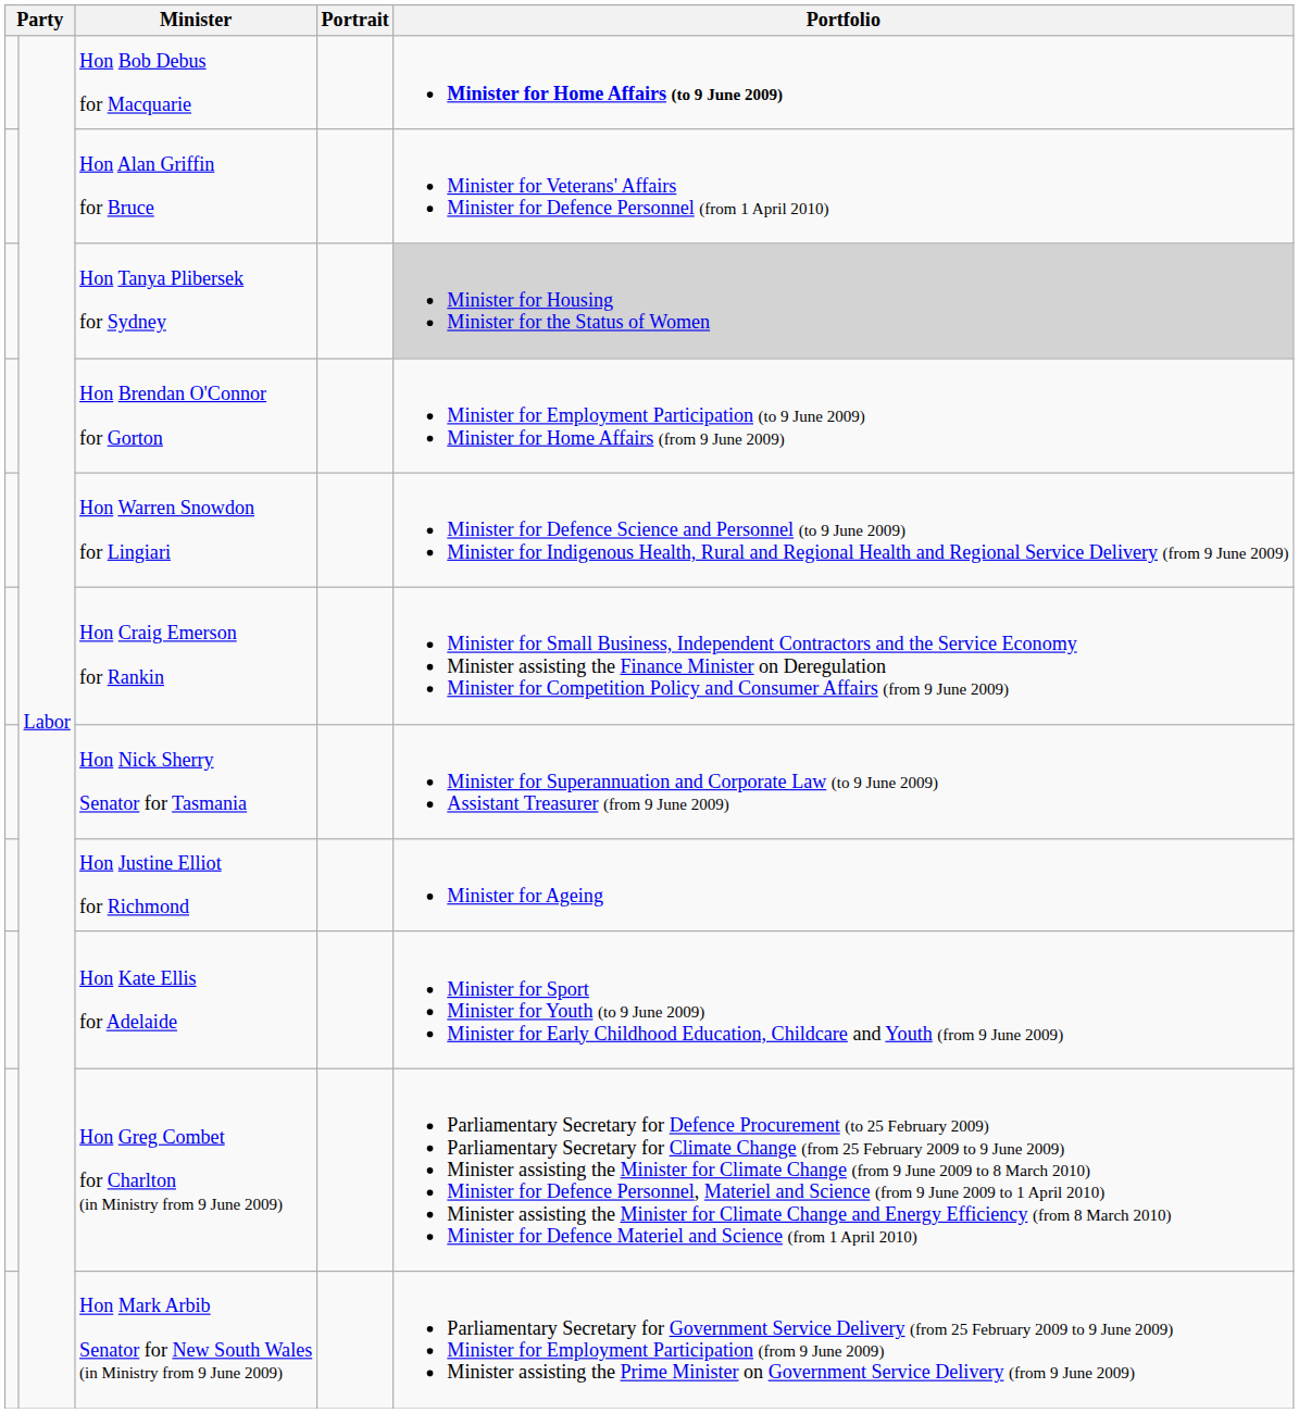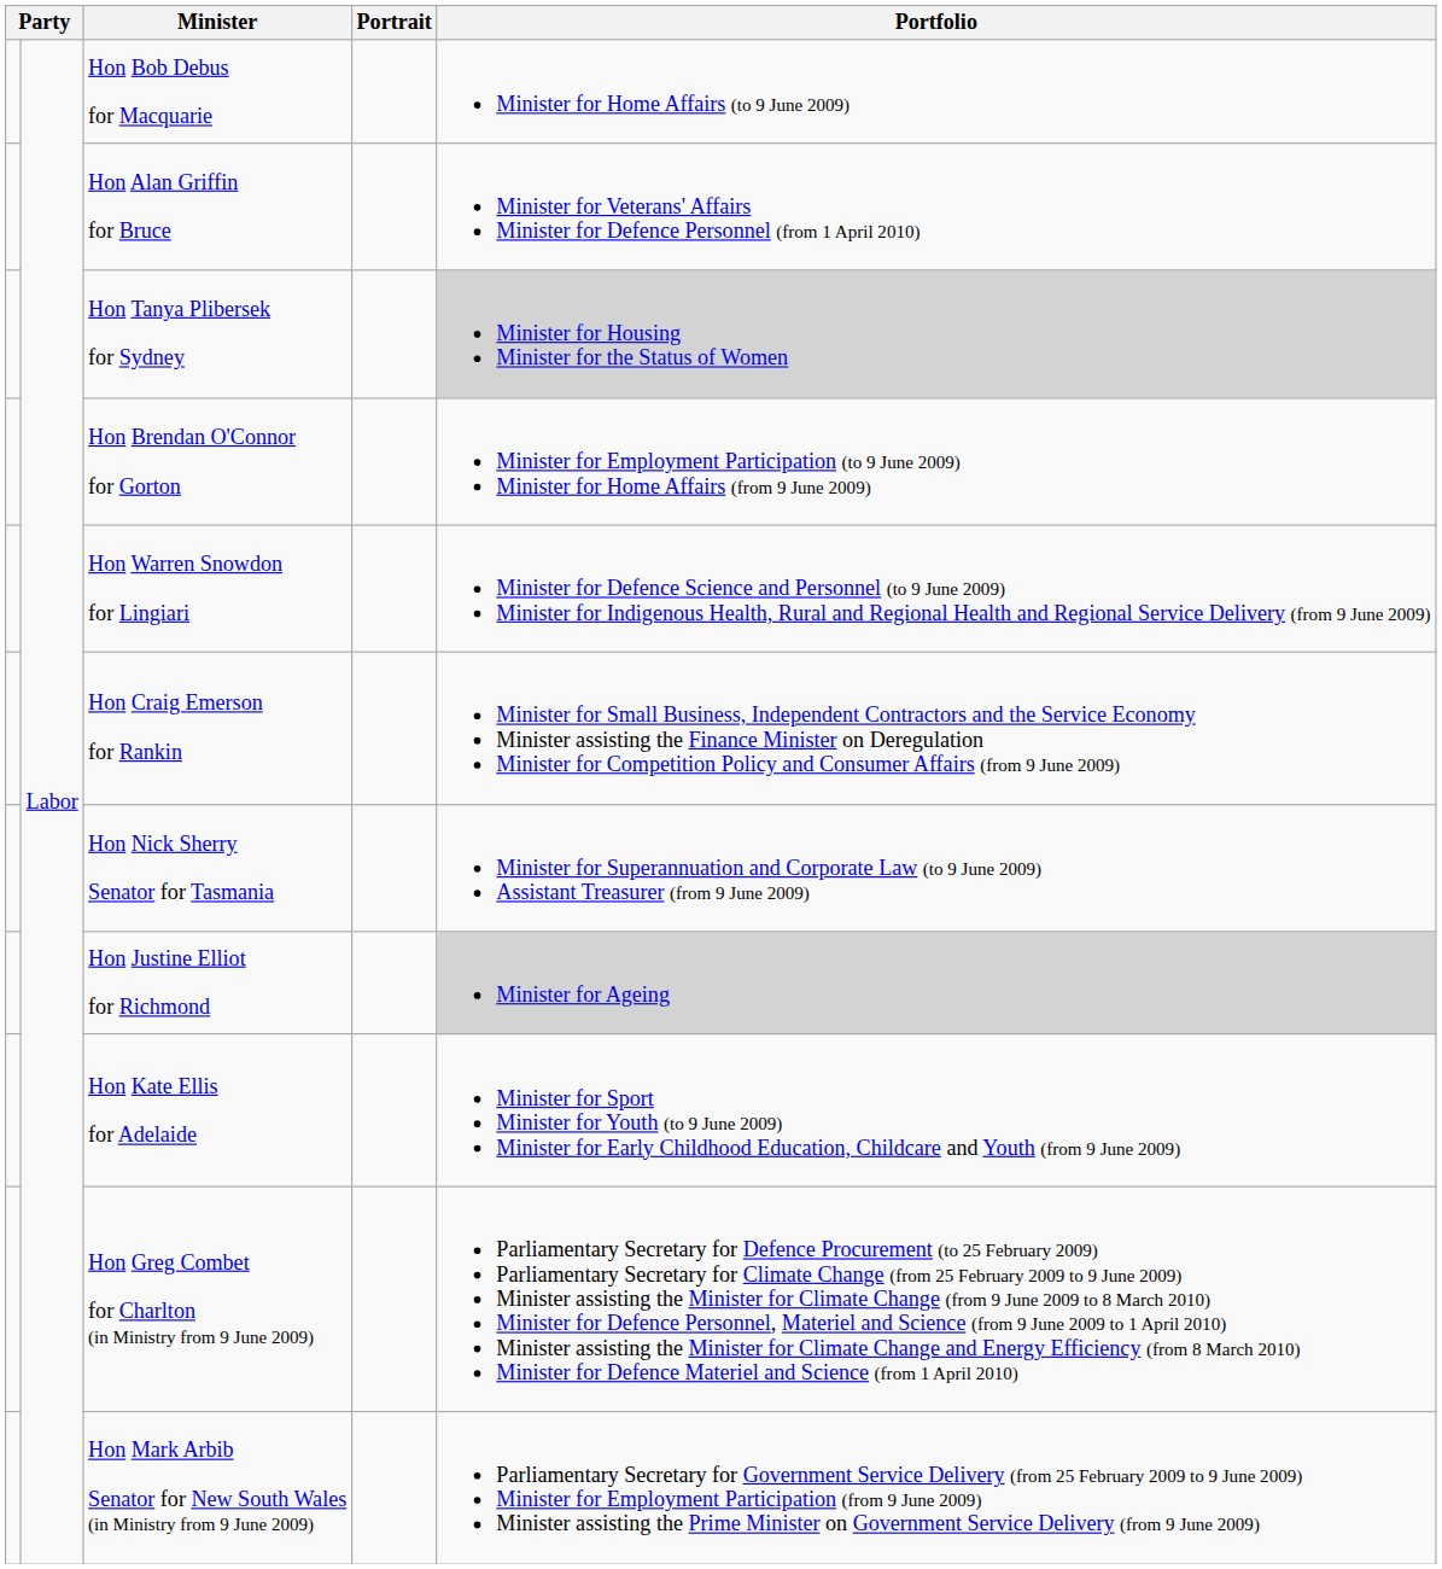 <table class="wikitable sortable">
 <tr>
 <th colspan="2">Party</th>
 <th>Minister</th>
 <th>Portrait</th>
 <th>Portfolio</th>
 </tr>
 <tr>
 <td> </td>
 <td rowspan=11><a href='#'>Labor</a></td>
 <td><a href='#'>Hon</a> <a href='#'>Bob Debus</a> <br><br> for <a href='#'>Macquarie</a> <br></td>
 <td></td>
-<td><strong><br><ul><li><a href='#'>Minister for Home Affairs</a> <small>(to 9 June 2009)</small></li></ul></strong></td>
+<td><br><ul><li><a href='#'>Minister for Home Affairs</a> <small>(to 9 June 2009)</small></li></ul></td>
 </tr>
 <tr>
 <td> </td>
 <td><a href='#'>Hon</a> <a href='#'>Alan Griffin</a> <br><br> for <a href='#'>Bruce</a> <br></td>
 <td></td>
 <td><br><ul><li><a href='#'>Minister for Veterans' Affairs</a></li><li><a href='#'>Minister for Defence Personnel</a> <small>(from 1 April 2010)</small></li></ul></td>
 </tr>
 <tr>
 <td> </td>
 <td><a href='#'>Hon</a> <a href='#'>Tanya Plibersek</a> <br><br> for <a href='#'>Sydney</a> <br></td>
 <td></td>
 <td style="background: lightgrey;"><br><ul><li><a href='#'>Minister for Housing</a></li><li><a href='#'>Minister for the Status of Women</a></li></ul></td>
 </tr>
 <tr>
 <td> </td>
 <td><a href='#'>Hon</a> <a href='#'>Brendan O'Connor</a> <br><br> for <a href='#'>Gorton</a> <br></td>
 <td></td>
 <td><br><ul><li><a href='#'>Minister for Employment Participation</a> <small>(to 9 June 2009)</small></li><li><a href='#'>Minister for Home Affairs</a> <small>(from 9 June 2009)</small></li></ul></td>
 </tr>
 <tr>
 <td> </td>
 <td><a href='#'>Hon</a> <a href='#'>Warren Snowdon</a> <br><br> for <a href='#'>Lingiari</a> <br></td>
 <td></td>
 <td><br><ul><li><a href='#'>Minister for Defence Science and Personnel</a> <small>(to 9 June 2009)</small></li><li><a href='#'>Minister for Indigenous Health, Rural and Regional Health and Regional Service Delivery</a> <small>(from 9 June 2009)</small></li></ul></td>
 </tr>
 <tr>
 <td> </td>
 <td><a href='#'>Hon</a> <a href='#'>Craig Emerson</a> <br><br> for <a href='#'>Rankin</a> <br></td>
 <td></td>
 <td><br><ul><li><a href='#'>Minister for Small Business, Independent Contractors and the Service Economy</a></li><li>Minister assisting the <a href='#'>Finance Minister</a> on Deregulation</li><li><a href='#'>Minister for Competition Policy and Consumer Affairs</a> <small>(from 9 June 2009)</small></li></ul></td>
 </tr>
 <tr>
 <td> </td>
 <td><a href='#'>Hon</a> <a href='#'>Nick Sherry</a> <br><br><a href='#'>Senator</a> for <a href='#'>Tasmania</a> <br></td>
 <td></td>
 <td><br><ul><li><a href='#'>Minister for Superannuation and Corporate Law</a> <small>(to 9 June 2009)</small></li><li><a href='#'>Assistant Treasurer</a> <small>(from 9 June 2009)</small></li></ul></td>
 </tr>
 <tr>
 <td> </td>
 <td><a href='#'>Hon</a> <a href='#'>Justine Elliot</a> <br><br> for <a href='#'>Richmond</a> <br></td>
 <td></td>
-<td><br><ul><li><a href='#'>Minister for Ageing</a></li></ul></td>
+<td style="background: lightgrey;"><br><ul><li><a href='#'>Minister for Ageing</a></li></ul></td>
 </tr>
 <tr>
 <td> </td>
 <td><a href='#'>Hon</a> <a href='#'>Kate Ellis</a> <br><br> for <a href='#'>Adelaide</a> <br></td>
 <td></td>
 <td><br><ul><li><a href='#'>Minister for Sport</a></li><li><a href='#'>Minister for Youth</a> <small>(to 9 June 2009)</small></li><li><a href='#'>Minister for Early Childhood Education, Childcare</a> and <a href='#'>Youth</a> <small>(from 9 June 2009)</small></li></ul></td>
 </tr>
 <tr>
 <td> </td>
 <td><a href='#'>Hon</a> <a href='#'>Greg Combet</a>  <br><br> for <a href='#'>Charlton</a> <br> <small>(in Ministry from 9 June 2009)</small></td>
 <td></td>
 <td><br><ul><li>Parliamentary Secretary for <a href='#'>Defence Procurement</a> <small>(to 25 February 2009)</small></li><li>Parliamentary Secretary for <a href='#'>Climate Change</a> <small>(from 25 February 2009 to 9 June 2009)</small></li><li>Minister assisting the <a href='#'>Minister for Climate Change</a> <small>(from 9 June 2009 to 8 March 2010)</small></li><li><a href='#'>Minister for Defence Personnel</a>, <a href='#'>Materiel and Science</a> <small>(from 9 June 2009 to 1 April 2010)</small></li><li>Minister assisting the <a href='#'>Minister for Climate Change and Energy Efficiency</a> <small>(from 8 March 2010)</small></li><li><a href='#'>Minister for Defence Materiel and Science</a> <small>(from 1 April 2010)</small></li></ul></td>
 </tr>
 <tr>
 <td> </td>
 <td><a href='#'>Hon</a> <a href='#'>Mark Arbib</a> <br><br><a href='#'>Senator</a> for <a href='#'>New South Wales</a> <br> <small>(in Ministry from 9 June 2009)</small></td>
 <td></td>
 <td><br><ul><li>Parliamentary Secretary for <a href='#'>Government Service Delivery</a> <small>(from 25 February 2009 to 9 June 2009)</small></li><li><a href='#'>Minister for Employment Participation</a> <small>(from 9 June 2009)</small></li><li>Minister assisting the <a href='#'>Prime Minister</a> on <a href='#'>Government Service Delivery</a> <small>(from 9 June 2009)</small></li></ul></td>
 </tr>
 </table>
